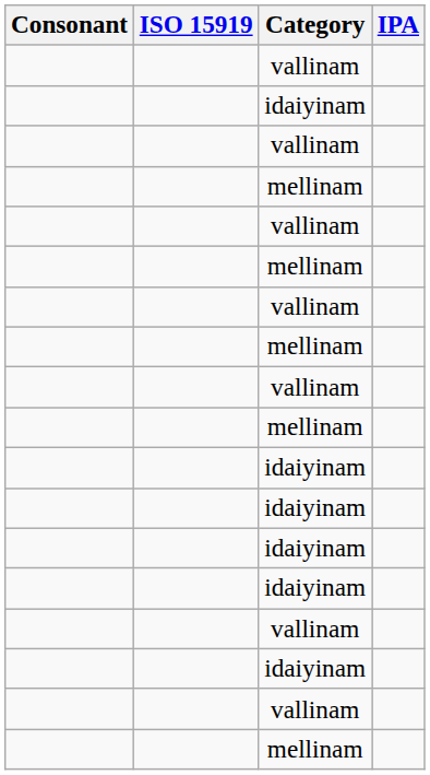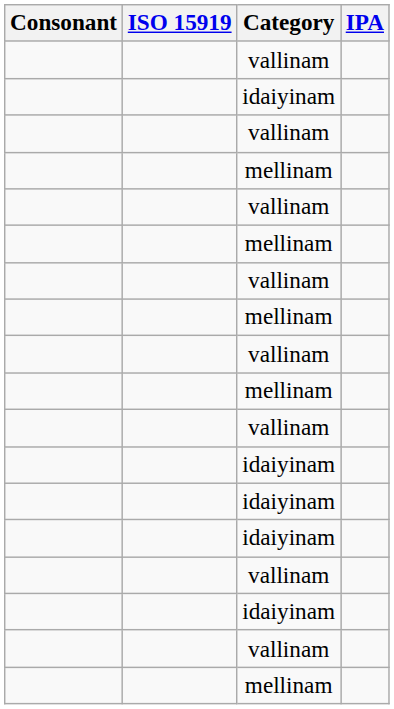 <table class="sortable wikitable" style="text-align:center">
 <tr>
 <th>Consonant</th>
 <th><a href='#'>ISO 15919</a></th>
 <th>Category</th>
 <th><a href='#'>IPA</a></th>
 </tr>
 <tr>
 <td></td>
 <td></td>
 <td>vallinam</td>
 <td></td>
 </tr>
 <tr>
 <td></td>
 <td></td>
 <td>idaiyinam</td>
 <td></td>
 </tr>
 <tr>
 <td></td>
 <td></td>
 <td>vallinam</td>
 <td></td>
 </tr>
 <tr>
 <td></td>
 <td></td>
 <td>mellinam</td>
 <td></td>
 </tr>
 <tr>
 <td></td>
 <td></td>
 <td>vallinam</td>
 <td></td>
 </tr>
 <tr>
 <td></td>
 <td></td>
 <td>mellinam</td>
 <td></td>
 </tr>
 <tr>
 <td></td>
 <td></td>
 <td>vallinam</td>
 <td></td>
 </tr>
 <tr>
 <td></td>
 <td></td>
 <td>mellinam</td>
 <td></td>
 </tr>
 <tr>
 <td></td>
 <td></td>
 <td>vallinam</td>
 <td></td>
 </tr>
 <tr>
 <td></td>
 <td></td>
 <td>mellinam</td>
 <td></td>
 </tr>
 <tr>
 <td></td>
 <td></td>
-<td>idaiyinam</td>
+<td>vallinam</td>
 <td></td>
 </tr>
 <tr>
 <td></td>
 <td></td>
 <td>idaiyinam</td>
 <td></td>
 </tr>
 <tr>
 <td></td>
 <td></td>
 <td>idaiyinam</td>
 <td></td>
 </tr>
 <tr>
 <td></td>
 <td></td>
 <td>idaiyinam</td>
 <td></td>
 </tr>
 <tr>
 <td></td>
 <td></td>
 <td>vallinam</td>
 <td></td>
 </tr>
 <tr>
 <td></td>
 <td></td>
 <td>idaiyinam</td>
 <td></td>
 </tr>
 <tr>
 <td></td>
 <td></td>
 <td>vallinam</td>
 <td></td>
 </tr>
 <tr>
 <td></td>
 <td></td>
 <td>mellinam</td>
 <td></td>
 </tr>
 </table>
